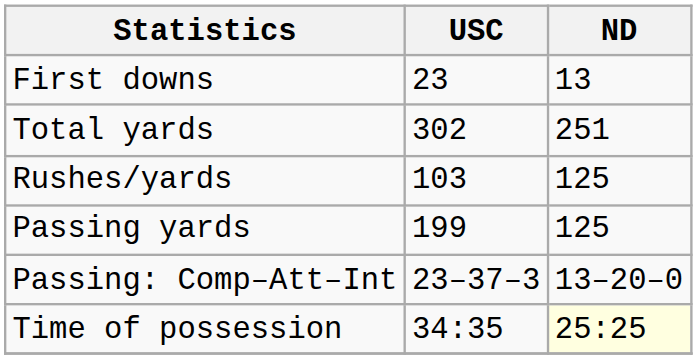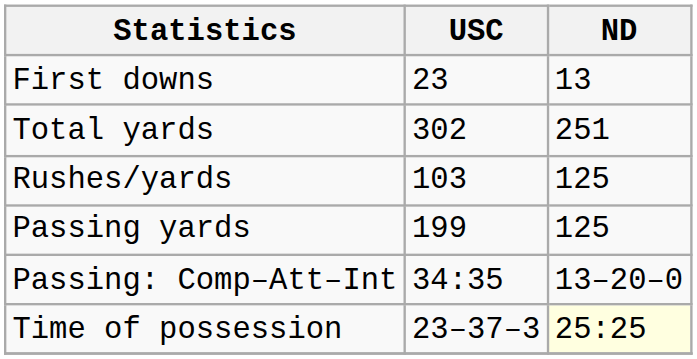 <table class="wikitable" style="float: left;">
 <tr>
 <th>Statistics</th>
 <th>USC</th>
 <th>ND</th>
 </tr>
 <tr>
 <td>First downs</td>
 <td>23</td>
 <td>13</td>
 </tr>
 <tr>
 <td>Total yards</td>
 <td>302</td>
 <td>251</td>
 </tr>
 <tr>
 <td>Rushes/yards</td>
 <td>103</td>
 <td>125</td>
 </tr>
 <tr>
 <td>Passing yards</td>
 <td>199</td>
 <td>125</td>
 </tr>
 <tr>
 <td>Passing: Comp–Att–Int</td>
-<td>23–37–3</td>
+<td>34:35</td>
 <td>13–20–0</td>
 </tr>
 <tr>
 <td>Time of possession</td>
-<td>34:35</td>
+<td>23–37–3</td>
 <td style="background: lightyellow;">25:25</td>
 </tr>
 <tr>
 </tr>
 </table>
